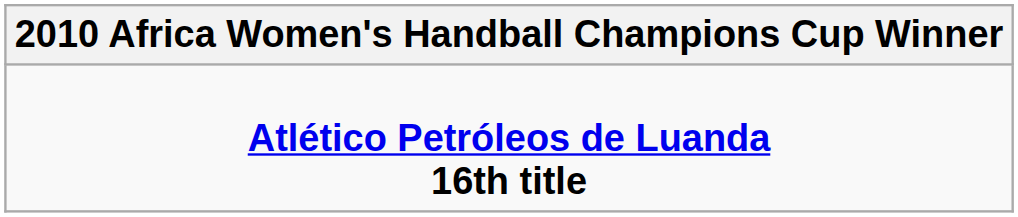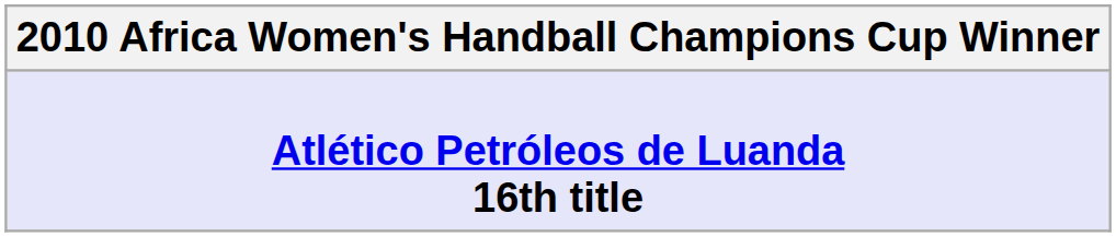 <table class=wikitable style="text-align:center; margin:auto">
 <tr>
 <th>2010 Africa Women's Handball Champions Cup Winner</th>
 </tr>
 <tr>
-<td><br><strong><a href='#'>Atlético Petróleos de Luanda</a></strong><br><strong>16th title</strong></td>
+<td style="background: lavender;"><br><strong><a href='#'>Atlético Petróleos de Luanda</a></strong><br><strong>16th title</strong></td>
 </tr>
 </table>
